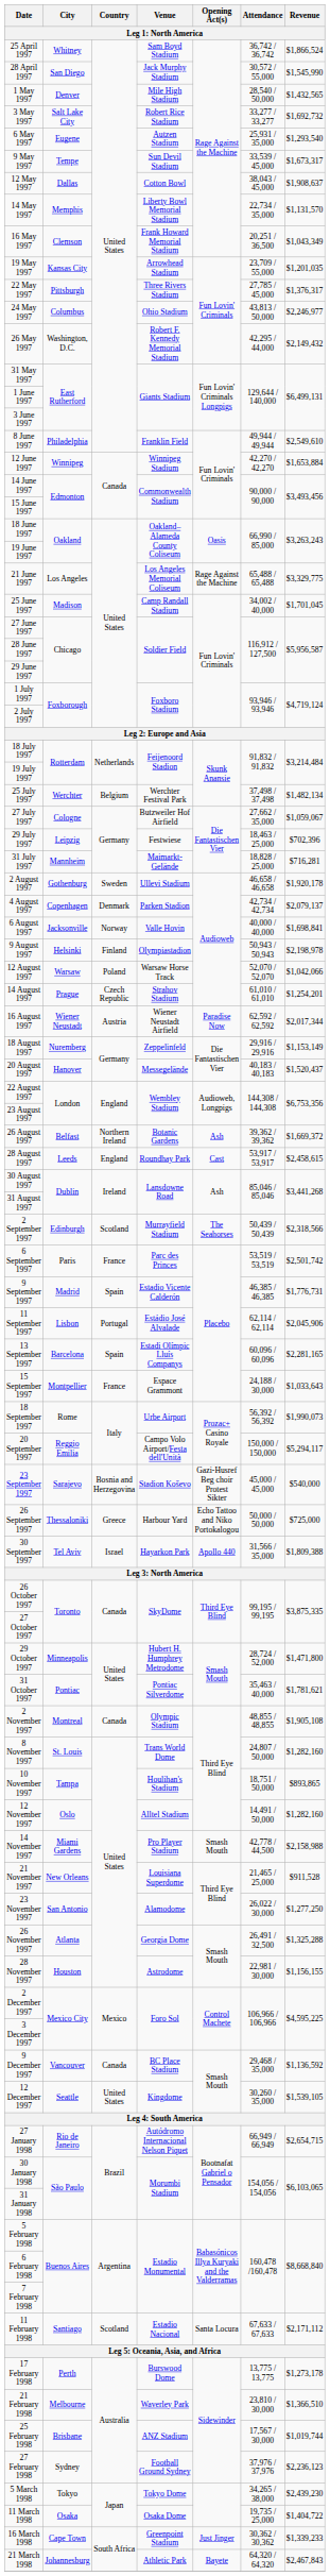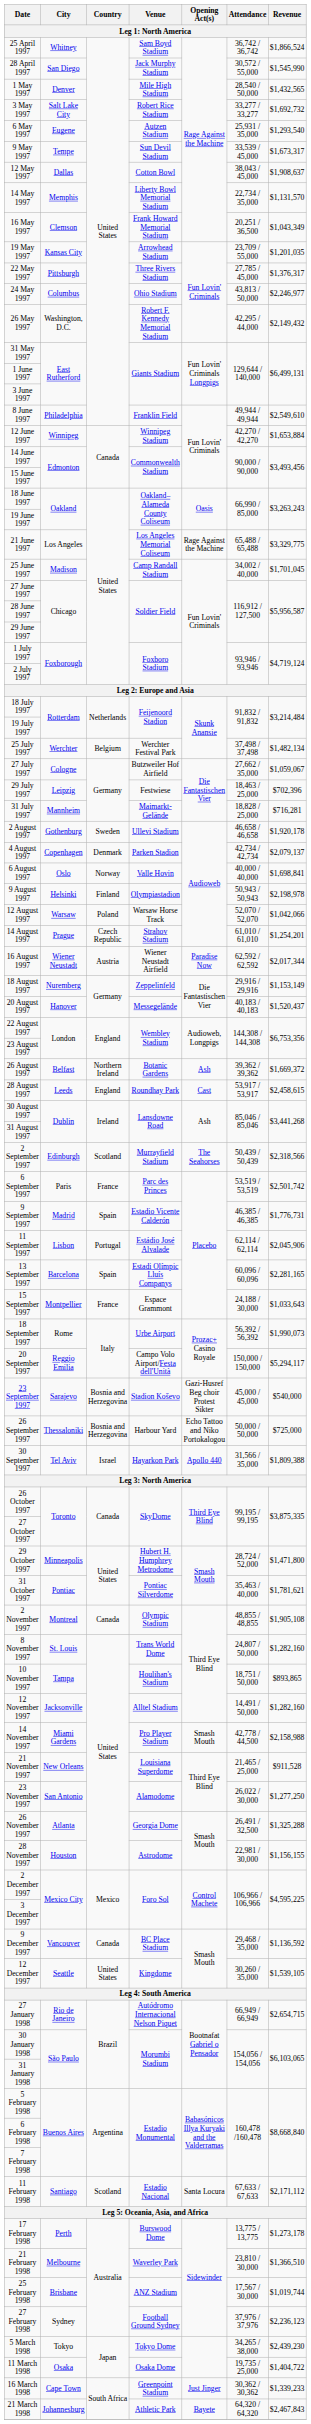 <table class="wikitable" style="text-align:center;">
 <tr>
 <th scope="col" style="width:12em;">Date</th>
 <th scope="col" style="width:10em;">City</th>
 <th scope="col" style="width:10em;">Country</th>
 <th scope="col" style="width:16em;">Venue</th>
 <th scope="col" style="width:10em;">Opening Act(s)</th>
 <th scope="col" style="width:10em;">Attendance</th>
 <th scope="col" style="width:10em;">Revenue</th>
 </tr>
 <tr bgcolor="#DDDDDD">
 <th colspan="7">Leg 1: North America</th>
 </tr>
 <tr>
 <td>25 April 1997</td>
 <td><a href='#'>Whitney</a></td>
 <td rowspan="17">United States</td>
 <td><a href='#'>Sam Boyd Stadium</a></td>
 <td rowspan="9"><a href='#'>Rage Against the Machine</a></td>
 <td>36,742 / 36,742</td>
 <td>$1,866,524</td>
 </tr>
 <tr>
 <td>28 April 1997</td>
 <td><a href='#'>San Diego</a></td>
 <td><a href='#'>Jack Murphy Stadium</a></td>
 <td>30,572 / 55,000</td>
 <td>$1,545,990</td>
 </tr>
 <tr>
 <td>1 May 1997</td>
 <td><a href='#'>Denver</a></td>
 <td><a href='#'>Mile High Stadium</a></td>
 <td>28,540 / 50,000</td>
 <td>$1,432,565</td>
 </tr>
 <tr>
 <td>3 May 1997</td>
 <td><a href='#'>Salt Lake City</a></td>
 <td><a href='#'>Robert Rice Stadium</a></td>
 <td>33,277 / 33,277</td>
 <td>$1,692,732</td>
 </tr>
 <tr>
 <td>6 May 1997</td>
 <td><a href='#'>Eugene</a></td>
 <td><a href='#'>Autzen Stadium</a></td>
 <td>25,931 / 35,000</td>
 <td>$1,293,540</td>
 </tr>
 <tr>
 <td>9 May 1997</td>
 <td><a href='#'>Tempe</a></td>
 <td><a href='#'>Sun Devil Stadium</a></td>
 <td>33,539 / 45,000</td>
 <td>$1,673,317</td>
 </tr>
 <tr>
 <td>12 May 1997</td>
 <td><a href='#'>Dallas</a></td>
 <td><a href='#'>Cotton Bowl</a></td>
 <td>38,043 / 45,000</td>
 <td>$1,908,637</td>
 </tr>
 <tr>
 <td>14 May 1997</td>
 <td><a href='#'>Memphis</a></td>
 <td><a href='#'>Liberty Bowl Memorial Stadium</a></td>
 <td>22,734 / 35,000</td>
 <td>$1,131,570</td>
 </tr>
 <tr>
 <td>16 May 1997</td>
 <td><a href='#'>Clemson</a></td>
 <td><a href='#'>Frank Howard Memorial Stadium</a></td>
 <td>20,251 / 36,500</td>
 <td>$1,043,349</td>
 </tr>
 <tr>
 <td>19 May 1997</td>
 <td><a href='#'>Kansas City</a></td>
 <td><a href='#'>Arrowhead Stadium</a></td>
 <td rowspan="4"><a href='#'>Fun Lovin' Criminals</a></td>
 <td>23,709 / 55,000</td>
 <td>$1,201,035</td>
 </tr>
 <tr>
 <td>22 May 1997</td>
 <td><a href='#'>Pittsburgh</a></td>
 <td><a href='#'>Three Rivers Stadium</a></td>
 <td>27,785 / 45,000</td>
 <td>$1,376,317</td>
 </tr>
 <tr>
 <td>24 May 1997</td>
 <td><a href='#'>Columbus</a></td>
 <td><a href='#'>Ohio Stadium</a></td>
 <td>43,813 / 50,000</td>
 <td>$2,246,977</td>
 </tr>
 <tr>
 <td>26 May 1997</td>
 <td>Washington, D.C.</td>
 <td><a href='#'>Robert F. Kennedy Memorial Stadium</a></td>
 <td>42,295 / 44,000</td>
 <td>$2,149,432</td>
 </tr>
 <tr>
 <td>31 May 1997</td>
 <td rowspan="3"><a href='#'>East Rutherford</a></td>
 <td rowspan="3"><a href='#'>Giants Stadium</a></td>
 <td rowspan="3">Fun Lovin' Criminals<br><a href='#'>Longpigs</a></td>
 <td rowspan=3>129,644 / 140,000</td>
 <td rowspan=3>$6,499,131</td>
 </tr>
 <tr>
 <td>1 June 1997</td>
 </tr>
 <tr>
 <td>3 June 1997</td>
 </tr>
 <tr>
 <td>8 June 1997</td>
 <td><a href='#'>Philadelphia</a></td>
 <td><a href='#'>Franklin Field</a></td>
 <td rowspan="4">Fun Lovin' Criminals</td>
 <td>49,944 / 49,944</td>
 <td>$2,549,610</td>
 </tr>
 <tr>
 <td>12 June 1997</td>
 <td><a href='#'>Winnipeg</a></td>
 <td rowspan="3">Canada</td>
 <td><a href='#'>Winnipeg Stadium</a></td>
 <td>42,270 / 42,270</td>
 <td>$1,653,884</td>
 </tr>
 <tr>
 <td>14 June 1997</td>
 <td rowspan="2"><a href='#'>Edmonton</a></td>
 <td rowspan="2"><a href='#'>Commonwealth Stadium</a></td>
 <td rowspan=2>90,000 / 90,000</td>
 <td rowspan=2>$3,493,456</td>
 </tr>
 <tr>
 <td>15 June 1997</td>
 </tr>
 <tr>
 <td>18 June 1997</td>
 <td rowspan="2"><a href='#'>Oakland</a></td>
 <td rowspan="9">United States</td>
 <td rowspan="2"><a href='#'>Oakland–Alameda County Coliseum</a></td>
 <td rowspan="2"><a href='#'>Oasis</a></td>
 <td rowspan=2>66,990 / 85,000</td>
 <td rowspan=2>$3,263,243</td>
 </tr>
 <tr>
 <td>19 June 1997</td>
 </tr>
 <tr>
 <td>21 June 1997</td>
 <td>Los Angeles</td>
 <td><a href='#'>Los Angeles Memorial Coliseum</a></td>
 <td>Rage Against the Machine</td>
 <td>65,488 / 65,488</td>
 <td>$3,329,775</td>
 </tr>
 <tr>
 <td>25 June 1997</td>
 <td><a href='#'>Madison</a></td>
 <td><a href='#'>Camp Randall Stadium</a></td>
 <td rowspan="6">Fun Lovin' Criminals</td>
 <td>34,002 / 40,000</td>
 <td>$1,701,045</td>
 </tr>
 <tr>
 <td>27 June 1997</td>
 <td rowspan="3">Chicago</td>
 <td rowspan="3"><a href='#'>Soldier Field</a></td>
 <td rowspan=3>116,912 / 127,500</td>
 <td rowspan=3>$5,956,587</td>
 </tr>
 <tr>
 <td>28 June 1997</td>
 </tr>
 <tr>
 <td>29 June 1997</td>
 </tr>
 <tr>
 <td>1 July 1997</td>
 <td rowspan="2"><a href='#'>Foxborough</a></td>
 <td rowspan="2"><a href='#'>Foxboro Stadium</a></td>
 <td rowspan=2>93,946 / 93,946</td>
 <td rowspan=2>$4,719,124</td>
 </tr>
 <tr>
 <td>2 July 1997</td>
 </tr>
 <tr>
 <th colspan="7">Leg 2: Europe and Asia</th>
 </tr>
 <tr>
 <td>18 July 1997</td>
 <td rowspan="2"><a href='#'>Rotterdam</a></td>
 <td rowspan="2">Netherlands</td>
 <td rowspan="2"><a href='#'>Feijenoord Stadion</a></td>
 <td rowspan="3"><a href='#'>Skunk Anansie</a></td>
 <td rowspan="2">91,832 / 91,832</td>
 <td rowspan="2">$3,214,484</td>
 </tr>
 <tr>
 <td>19 July 1997</td>
 </tr>
 <tr>
 <td>25 July 1997</td>
 <td><a href='#'>Werchter</a></td>
 <td>Belgium</td>
 <td>Werchter Festival Park</td>
 <td>37,498 / 37,498</td>
 <td>$1,482,134</td>
 </tr>
 <tr>
 <td>27 July 1997</td>
 <td><a href='#'>Cologne</a></td>
 <td rowspan="3">Germany</td>
 <td>Butzweiler Hof Airfield</td>
 <td rowspan="3"><a href='#'>Die Fantastischen Vier</a></td>
 <td>27,662 / 35,000</td>
 <td>$1,059,067</td>
 </tr>
 <tr>
 <td>29 July 1997</td>
 <td><a href='#'>Leipzig</a></td>
 <td>Festwiese</td>
 <td>18,463 / 25,000</td>
 <td>$702,396</td>
 </tr>
 <tr>
 <td>31 July 1997</td>
 <td><a href='#'>Mannheim</a></td>
 <td><a href='#'>Maimarkt-Gelände</a></td>
 <td>18,828 / 25,000</td>
 <td>$716,281</td>
 </tr>
 <tr>
 <td>2 August 1997</td>
 <td><a href='#'>Gothenburg</a></td>
 <td>Sweden</td>
 <td><a href='#'>Ullevi Stadium</a></td>
 <td rowspan="6"><a href='#'>Audioweb</a></td>
 <td>46,658 / 46,658</td>
 <td>$1,920,178</td>
 </tr>
 <tr>
 <td>4 August 1997</td>
 <td><a href='#'>Copenhagen</a></td>
 <td>Denmark</td>
 <td><a href='#'>Parken Stadion</a></td>
 <td>42,734 / 42,734</td>
 <td>$2,079,137</td>
 </tr>
 <tr>
 <td>6 August 1997</td>
-<td><a href='#'>Jacksonville</a></td>
+<td><a href='#'>Oslo</a></td>
 <td>Norway</td>
 <td><a href='#'>Valle Hovin</a></td>
 <td>40,000 / 40,000</td>
 <td>$1,698,841</td>
 </tr>
 <tr>
 <td>9 August 1997</td>
 <td><a href='#'>Helsinki</a></td>
 <td>Finland</td>
 <td><a href='#'>Olympiastadion</a></td>
 <td>50,943 / 50,943</td>
 <td>$2,198,978</td>
 </tr>
 <tr>
 <td>12 August 1997</td>
 <td><a href='#'>Warsaw</a></td>
 <td>Poland</td>
 <td>Warsaw Horse Track</td>
 <td>52,070 / 52,070</td>
 <td>$1,042,066</td>
 </tr>
 <tr>
 <td>14 August 1997</td>
 <td><a href='#'>Prague</a></td>
 <td>Czech Republic</td>
 <td><a href='#'>Strahov Stadium</a></td>
 <td>61,010 / 61,010</td>
 <td>$1,254,201</td>
 </tr>
 <tr>
 <td>16 August 1997</td>
 <td><a href='#'>Wiener Neustadt</a></td>
 <td>Austria</td>
 <td>Wiener Neustadt Airfield</td>
 <td><a href='#'>Paradise Now</a></td>
 <td>62,592 / 62,592</td>
 <td>$2,017,344</td>
 </tr>
 <tr>
 <td>18 August 1997</td>
 <td><a href='#'>Nuremberg</a></td>
 <td rowspan="2">Germany</td>
 <td><a href='#'>Zeppelinfeld</a></td>
 <td rowspan="2">Die Fantastischen Vier</td>
 <td>29,916 / 29,916</td>
 <td>$1,153,149</td>
 </tr>
 <tr>
 <td>20 August 1997</td>
 <td><a href='#'>Hanover</a></td>
 <td><a href='#'>Messegelände</a></td>
 <td>40,183 / 40,183</td>
 <td>$1,520,437</td>
 </tr>
 <tr>
 <td>22 August 1997</td>
 <td rowspan="2">London</td>
 <td rowspan="2">England</td>
 <td rowspan="2"><a href='#'>Wembley Stadium</a></td>
 <td rowspan="2">Audioweb, Longpigs</td>
 <td rowspan="2">144,308 / 144,308</td>
 <td rowspan="2">$6,753,356</td>
 </tr>
 <tr>
 <td>23 August 1997</td>
 </tr>
 <tr>
 <td>26 August 1997</td>
 <td><a href='#'>Belfast</a></td>
 <td>Northern Ireland</td>
 <td><a href='#'>Botanic Gardens</a></td>
 <td><a href='#'>Ash</a></td>
 <td>39,362 / 39,362</td>
 <td>$1,669,372</td>
 </tr>
 <tr>
 <td>28 August 1997</td>
 <td><a href='#'>Leeds</a></td>
 <td>England</td>
 <td><a href='#'>Roundhay Park</a></td>
 <td><a href='#'>Cast</a></td>
 <td>53,917 / 53,917</td>
 <td>$2,458,615</td>
 </tr>
 <tr>
 <td>30 August 1997</td>
 <td rowspan="2"><a href='#'>Dublin</a></td>
 <td rowspan="2">Ireland</td>
 <td rowspan="2"><a href='#'>Lansdowne Road</a></td>
 <td rowspan="2">Ash</td>
 <td rowspan="2">85,046 / 85,046</td>
 <td rowspan="2">$3,441,268</td>
 </tr>
 <tr>
 <td>31 August 1997</td>
 </tr>
 <tr>
 <td>2 September 1997</td>
 <td><a href='#'>Edinburgh</a></td>
 <td>Scotland</td>
 <td><a href='#'>Murrayfield Stadium</a></td>
 <td><a href='#'>The Seahorses</a></td>
 <td>50,439 / 50,439</td>
 <td>$2,318,566</td>
 </tr>
 <tr>
 <td>6 September 1997</td>
 <td>Paris</td>
 <td>France</td>
 <td><a href='#'>Parc des Princes</a></td>
 <td rowspan="5"><a href='#'>Placebo</a></td>
 <td>53,519 / 53,519</td>
 <td>$2,501,742</td>
 </tr>
 <tr>
 <td>9 September 1997</td>
 <td><a href='#'>Madrid</a></td>
 <td>Spain</td>
 <td><a href='#'>Estadio Vicente Calderón</a></td>
 <td>46,385 / 46,385</td>
 <td>$1,776,731</td>
 </tr>
 <tr>
 <td>11 September 1997</td>
 <td><a href='#'>Lisbon</a></td>
 <td>Portugal</td>
 <td><a href='#'>Estádio José Alvalade</a></td>
 <td>62,114 / 62,114</td>
 <td>$2,045,906</td>
 </tr>
 <tr>
 <td>13 September 1997</td>
 <td><a href='#'>Barcelona</a></td>
 <td>Spain</td>
 <td><a href='#'>Estadi Olímpic Lluís Companys</a></td>
 <td>60,096 / 60,096</td>
 <td>$2,281,165</td>
 </tr>
 <tr>
 <td>15 September 1997</td>
 <td><a href='#'>Montpellier</a></td>
 <td>France</td>
 <td>Espace Grammont</td>
 <td>24,188 / 30,000</td>
 <td>$1,033,643</td>
 </tr>
 <tr>
 <td>18 September 1997</td>
 <td>Rome</td>
 <td rowspan="2">Italy</td>
 <td><a href='#'>Urbe Airport</a></td>
 <td rowspan="2"><a href='#'>Prozac+</a><br>Casino Royale</td>
 <td>56,392 / 56,392</td>
 <td>$1,990,073</td>
 </tr>
 <tr>
 <td>20 September 1997</td>
 <td><a href='#'>Reggio Emilia</a></td>
 <td>Campo Volo Airport/<a href='#'>Festa dell'Unità</a></td>
 <td>150,000 / 150,000</td>
 <td>$5,294,117</td>
 </tr>
 <tr>
 <td><a href='#'>23 September 1997</a></td>
 <td><a href='#'>Sarajevo</a></td>
 <td>Bosnia and Herzegovina</td>
 <td><a href='#'>Stadion Koševo</a></td>
 <td>Gazi-Husref Beg choir<br>Protest<br>Sikter</td>
 <td>45,000 / 45,000</td>
 <td>$540,000</td>
 </tr>
 <tr>
 <td>26 September 1997</td>
 <td><a href='#'>Thessaloniki</a></td>
-<td>Greece</td>
+<td>Bosnia and Herzegovina</td>
 <td>Harbour Yard</td>
 <td>Echo Tattoo and Niko Portokalogou</td>
 <td>50,000 / 50,000</td>
 <td>$725,000</td>
 </tr>
 <tr>
 <td>30 September 1997</td>
 <td><a href='#'>Tel Aviv</a></td>
 <td>Israel</td>
 <td><a href='#'>Hayarkon Park</a></td>
 <td><a href='#'>Apollo 440</a></td>
 <td>31,566 / 35,000</td>
 <td>$1,809,388</td>
 </tr>
 <tr>
 <th colspan="7">Leg 3: North America</th>
 </tr>
 <tr>
 <td>26 October 1997</td>
 <td rowspan="2"><a href='#'>Toronto</a></td>
 <td rowspan="2">Canada</td>
 <td rowspan="2"><a href='#'>SkyDome</a></td>
 <td rowspan="2"><a href='#'>Third Eye Blind</a></td>
 <td rowspan=2>99,195 / 99,195</td>
 <td rowspan=2>$3,875,335</td>
 </tr>
 <tr>
 <td>27 October 1997</td>
 </tr>
 <tr>
 <td>29 October 1997</td>
 <td><a href='#'>Minneapolis</a></td>
 <td rowspan="2">United States</td>
 <td><a href='#'>Hubert H. Humphrey Metrodome</a></td>
 <td rowspan="2"><a href='#'>Smash Mouth</a></td>
 <td>28,724 / 52,000</td>
 <td>$1,471,800</td>
 </tr>
 <tr>
 <td>31 October 1997</td>
 <td><a href='#'>Pontiac</a></td>
 <td><a href='#'>Pontiac Silverdome</a></td>
 <td>35,463 / 40,000</td>
 <td>$1,781,621</td>
 </tr>
 <tr>
 <td>2 November 1997</td>
 <td><a href='#'>Montreal</a></td>
 <td>Canada</td>
 <td><a href='#'>Olympic Stadium</a></td>
 <td rowspan="4">Third Eye Blind</td>
 <td>48,855 / 48,855</td>
 <td>$1,905,108</td>
 </tr>
 <tr>
 <td>8 November 1997</td>
 <td><a href='#'>St. Louis</a></td>
 <td rowspan="8">United States</td>
 <td><a href='#'>Trans World Dome</a></td>
 <td>24,807 / 50,000</td>
 <td>$1,282,160</td>
 </tr>
 <tr>
 <td>10 November 1997</td>
 <td><a href='#'>Tampa</a></td>
 <td><a href='#'>Houlihan's Stadium</a></td>
 <td>18,751 / 50,000</td>
 <td>$893,865</td>
 </tr>
 <tr>
 <td>12 November 1997</td>
-<td><a href='#'>Oslo</a></td>
+<td><a href='#'>Jacksonville</a></td>
 <td><a href='#'>Alltel Stadium</a></td>
 <td>14,491 / 50,000</td>
 <td>$1,282,160</td>
 </tr>
 <tr>
 <td>14 November 1997</td>
 <td><a href='#'>Miami Gardens</a></td>
 <td><a href='#'>Pro Player Stadium</a></td>
 <td>Smash Mouth</td>
 <td>42,778 / 44,500</td>
 <td>$2,158,988</td>
 </tr>
 <tr>
 <td>21 November 1997</td>
 <td><a href='#'>New Orleans</a></td>
 <td><a href='#'>Louisiana Superdome</a></td>
 <td rowspan="2">Third Eye Blind</td>
 <td>21,465 / 25,000</td>
 <td>$911,528</td>
 </tr>
 <tr>
 <td>23 November 1997</td>
 <td><a href='#'>San Antonio</a></td>
 <td><a href='#'>Alamodome</a></td>
 <td>26,022 / 30,000</td>
 <td>$1,277,250</td>
 </tr>
 <tr>
 <td>26 November 1997</td>
 <td><a href='#'>Atlanta</a></td>
 <td><a href='#'>Georgia Dome</a></td>
 <td rowspan="2">Smash Mouth</td>
 <td>26,491 / 32,500</td>
 <td>$1,325,288</td>
 </tr>
 <tr>
 <td>28 November 1997</td>
 <td><a href='#'>Houston</a></td>
 <td><a href='#'>Astrodome</a></td>
 <td>22,981 / 30,000</td>
 <td>$1,156,155</td>
 </tr>
 <tr>
 <td>2 December 1997</td>
 <td rowspan="2"><a href='#'>Mexico City</a></td>
 <td rowspan="2">Mexico</td>
 <td rowspan="2"><a href='#'>Foro Sol</a></td>
 <td rowspan="2"><a href='#'>Control Machete</a></td>
 <td rowspan=2>106,966 / 106,966</td>
 <td rowspan=2>$4,595,225</td>
 </tr>
 <tr>
 <td>3 December 1997</td>
 </tr>
 <tr>
 <td>9 December 1997</td>
 <td><a href='#'>Vancouver</a></td>
 <td>Canada</td>
 <td><a href='#'>BC Place Stadium</a></td>
 <td rowspan="2">Smash Mouth</td>
 <td>29,468 / 35,000</td>
 <td>$1,136,592</td>
 </tr>
 <tr>
 <td>12 December 1997</td>
 <td><a href='#'>Seattle</a></td>
 <td>United States</td>
 <td><a href='#'>Kingdome</a></td>
 <td>30,260 / 35,000</td>
 <td>$1,539,105</td>
 </tr>
 <tr>
 <th colspan="7">Leg 4: South America</th>
 </tr>
 <tr>
 <td>27 January 1998</td>
 <td><a href='#'>Rio de Janeiro</a></td>
 <td rowspan="3">Brazil</td>
 <td><a href='#'>Autódromo Internacional Nelson Piquet</a></td>
 <td rowspan="3">Bootnafat<br><a href='#'>Gabriel o Pensador</a></td>
 <td>66,949 / 66,949</td>
 <td>$2,654,715</td>
 </tr>
 <tr>
 <td>30 January 1998</td>
 <td rowspan="2"><a href='#'>São Paulo</a></td>
 <td rowspan="2"><a href='#'>Morumbi Stadium</a></td>
 <td rowspan=2>154,056 / 154,056</td>
 <td rowspan=2>$6,103,065</td>
 </tr>
 <tr>
 <td>31 January 1998</td>
 </tr>
 <tr>
 <td>5 February 1998</td>
 <td rowspan="3"><a href='#'>Buenos Aires</a></td>
 <td rowspan="3">Argentina</td>
 <td rowspan="3"><a href='#'>Estadio Monumental</a></td>
 <td rowspan="3"><a href='#'>Babasónicos</a><br><a href='#'>Illya Kuryaki and the Valderramas</a></td>
 <td rowspan=3>160,478 /160,478</td>
 <td rowspan=3>$8,668,840</td>
 </tr>
 <tr>
 <td>6 February 1998</td>
 </tr>
 <tr>
 <td>7 February 1998</td>
 </tr>
 <tr>
 <td>11 February 1998</td>
 <td><a href='#'>Santiago</a></td>
 <td>Scotland</td>
 <td><a href='#'>Estadio Nacional</a></td>
 <td>Santa Locura</td>
 <td>67,633 / 67,633</td>
 <td>$2,171,112</td>
 </tr>
 <tr>
 <th colspan="7">Leg 5: Oceania, Asia, and Africa</th>
 </tr>
 <tr>
 <td>17 February 1998</td>
 <td><a href='#'>Perth</a></td>
 <td rowspan="4">Australia</td>
 <td><a href='#'>Burswood Dome</a></td>
 <td rowspan="4"><a href='#'>Sidewinder</a></td>
 <td>13,775 / 13,775</td>
 <td>$1,273,178</td>
 </tr>
 <tr>
 <td>21 February 1998</td>
 <td><a href='#'>Melbourne</a></td>
 <td><a href='#'>Waverley Park</a></td>
 <td>23,810 / 30,000</td>
 <td>$1,366,510</td>
 </tr>
 <tr>
 <td>25 February 1998</td>
 <td><a href='#'>Brisbane</a></td>
 <td><a href='#'>ANZ Stadium</a></td>
 <td>17,567 / 30,000</td>
 <td>$1,019,744</td>
 </tr>
 <tr>
 <td>27 February 1998</td>
 <td>Sydney</td>
 <td><a href='#'>Football Ground Sydney</a></td>
 <td>37,976 / 37,976</td>
 <td>$2,236,123</td>
 </tr>
 <tr>
 <td>5 March 1998</td>
 <td>Tokyo</td>
 <td rowspan="2">Japan</td>
 <td><a href='#'>Tokyo Dome</a></td>
 <td rowspan="2"></td>
 <td>34,265 / 38,000</td>
 <td>$2,439,230</td>
 </tr>
 <tr>
 <td>11 March 1998</td>
 <td><a href='#'>Osaka</a></td>
 <td><a href='#'>Osaka Dome</a></td>
 <td>19,735 / 25,000</td>
 <td>$1,404,722</td>
 </tr>
 <tr>
 <td>16 March 1998</td>
 <td><a href='#'>Cape Town</a></td>
 <td rowspan="2">South Africa</td>
 <td><a href='#'>Greenpoint Stadium</a></td>
 <td><a href='#'>Just Jinger</a></td>
 <td>30,362 / 30,362</td>
 <td>$1,339,233</td>
 </tr>
 <tr>
 <td>21 March 1998</td>
 <td><a href='#'>Johannesburg</a></td>
 <td><a href='#'>Athletic Park</a></td>
 <td><a href='#'>Bayete</a></td>
 <td>64,320 / 64,320</td>
 <td>$2,467,843</td>
 </tr>
 <tr>
 </tr>
 </table>
